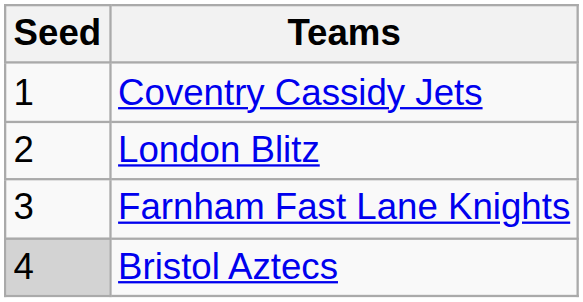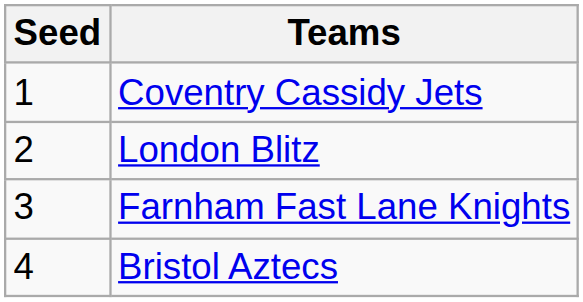 <table class="wikitable">
 <tr>
 <th>Seed</th>
 <th>Teams</th>
 </tr>
 <tr>
 <td>1</td>
 <td><a href='#'>Coventry Cassidy Jets</a></td>
 </tr>
 <tr>
 <td>2</td>
 <td><a href='#'>London Blitz</a></td>
 </tr>
 <tr>
 <td>3</td>
 <td><a href='#'>Farnham Fast Lane Knights</a></td>
 </tr>
 <tr>
-<td style="background: lightgrey;">4</td>
+<td>4</td>
 <td><a href='#'>Bristol Aztecs</a></td>
 </tr>
 </table>
